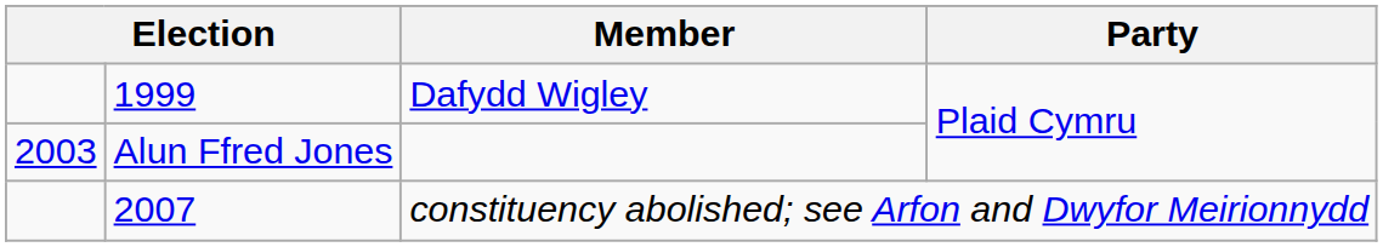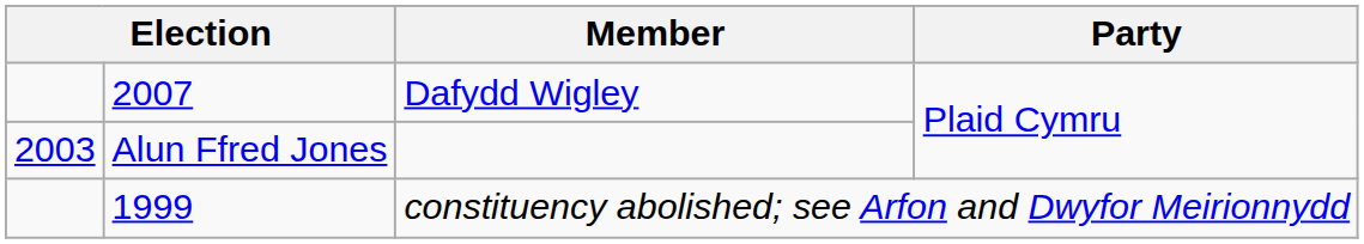 <table class="wikitable">
 <tr>
 <th colspan="2">Election</th>
 <th>Member</th>
 <th>Party</th>
 </tr>
 <tr>
 <td ! style="background-color: "></td>
-<td><a href='#'>1999</a></td>
+<td><a href='#'>2007</a></td>
 <td><a href='#'>Dafydd Wigley</a></td>
 <td rowspan="2"><a href='#'>Plaid Cymru</a></td>
 </tr>
 <tr>
 <td><a href='#'>2003</a></td>
 <td><a href='#'>Alun Ffred Jones</a></td>
 </tr>
 <tr>
 <td></td>
-<td><a href='#'>2007</a></td>
+<td><a href='#'>1999</a></td>
 <td colspan="2"><em>constituency abolished; see <a href='#'>Arfon</a> and <a href='#'>Dwyfor Meirionnydd</a></em></td>
 </tr>
 </table>
